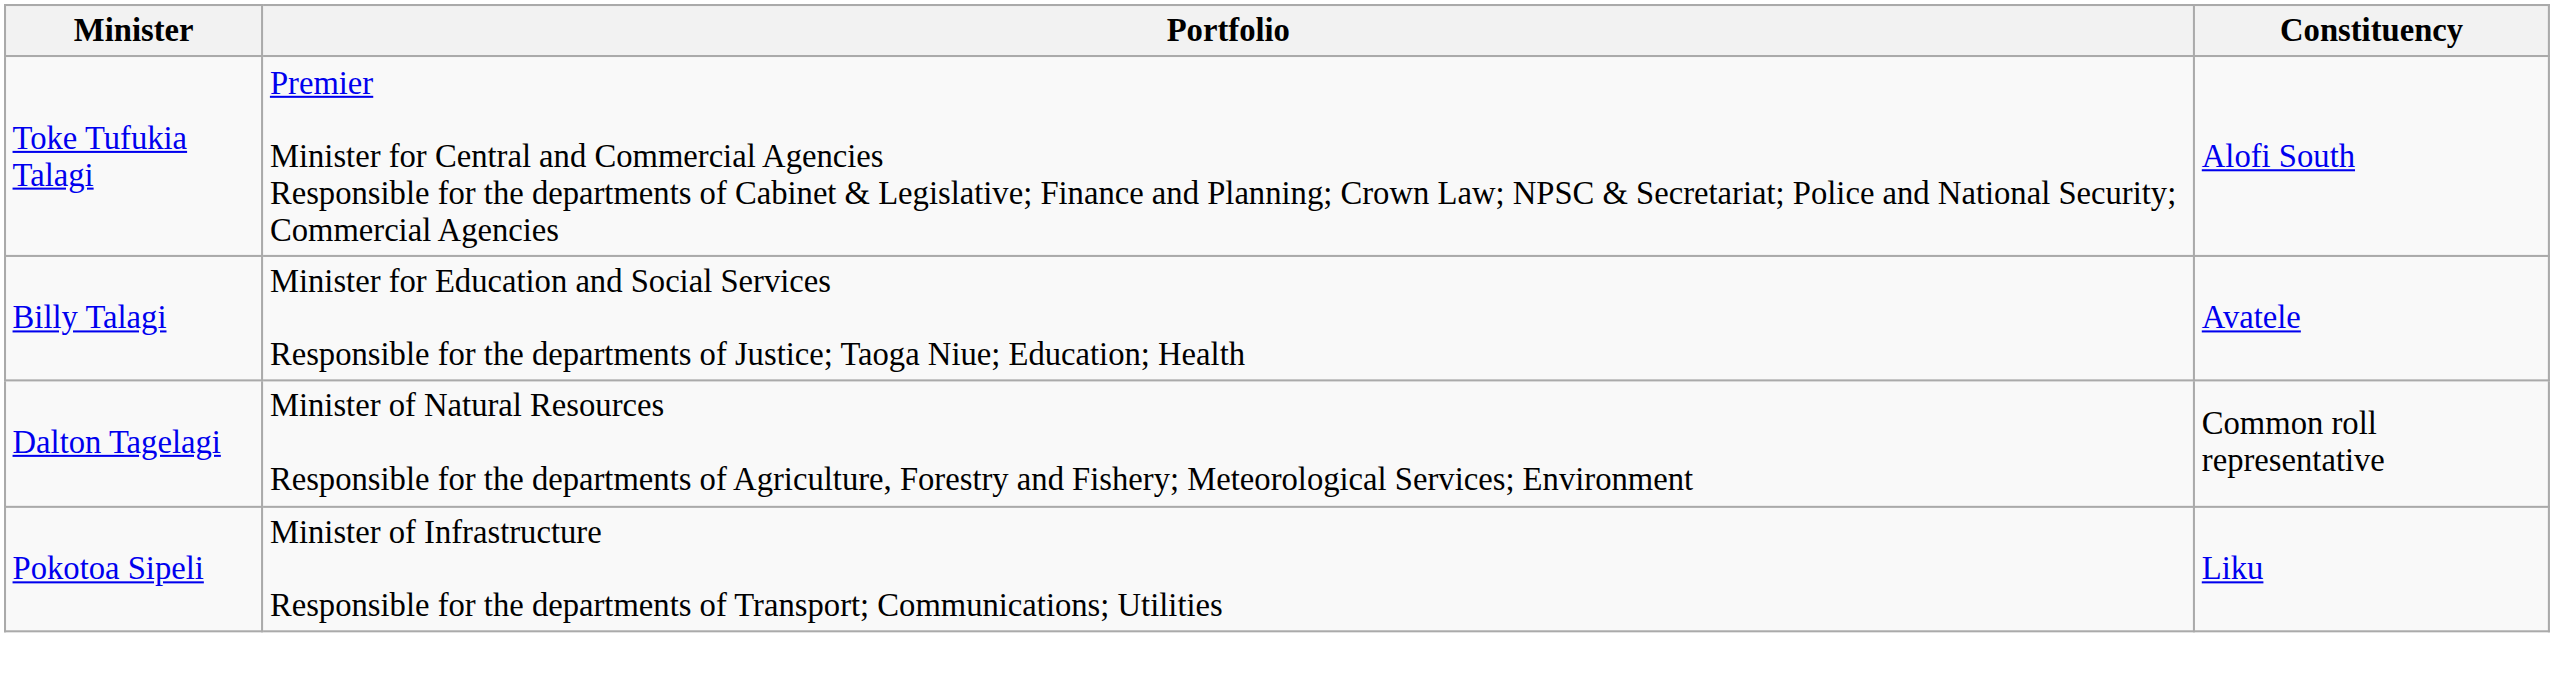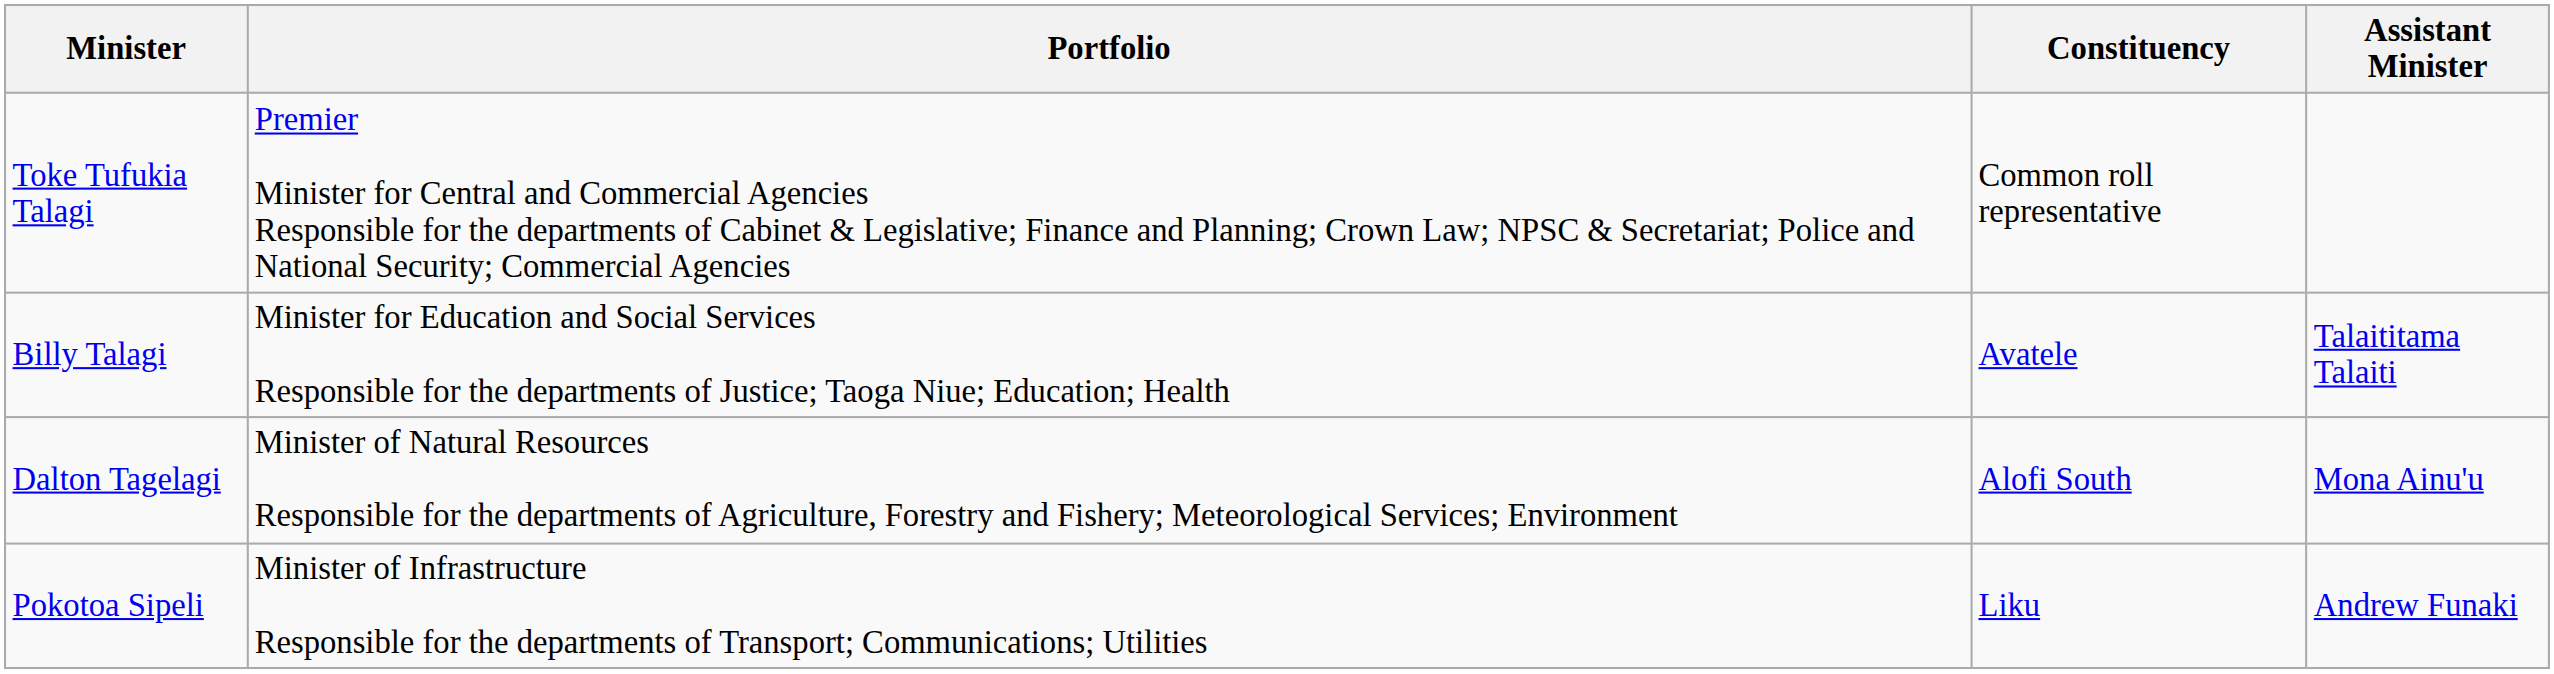 <table class="wikitable">
 <tr>
 <th>Minister</th>
 <th>Portfolio</th>
 <th>Constituency</th>
+<th>Assistant Minister</th>
 </tr>
 <tr>
 <td><a href='#'>Toke Tufukia Talagi</a></td>
 <td><a href='#'>Premier</a><br><br>Minister for Central and Commercial Agencies<br> Responsible for the departments of Cabinet & Legislative; Finance and Planning; Crown Law; NPSC & Secretariat; Police and National Security; Commercial Agencies</td>
-<td><a href='#'>Alofi South</a></td>
+<td>Common roll representative</td>
+<td></td>
 </tr>
 <tr>
 <td><a href='#'>Billy Talagi</a></td>
 <td>Minister for Education and Social Services<br><br>Responsible for the departments of Justice; Taoga Niue; Education; Health</td>
 <td><a href='#'>Avatele</a></td>
+<td><a href='#'>Talaititama Talaiti</a></td>
 </tr>
 <tr>
 <td><a href='#'>Dalton Tagelagi</a></td>
 <td>Minister of Natural Resources<br><br>Responsible for the departments of Agriculture, Forestry and Fishery; Meteorological Services; Environment</td>
-<td>Common roll representative</td>
+<td><a href='#'>Alofi South</a></td>
+<td><a href='#'>Mona Ainu'u</a></td>
 </tr>
 <tr>
 <td><a href='#'>Pokotoa Sipeli</a></td>
 <td>Minister of Infrastructure<br><br>Responsible for the departments of Transport; Communications; Utilities</td>
 <td><a href='#'>Liku</a></td>
+<td><a href='#'>Andrew Funaki</a></td>
 </tr>
 </table>
